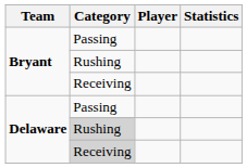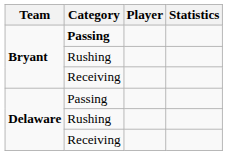 <table class="wikitable" style="float: right;">
 <tr>
 <th>Team</th>
 <th>Category</th>
 <th>Player</th>
 <th>Statistics</th>
 </tr>
 <tr>
 <td rowspan=3><strong>Bryant</strong></td>
-<td>Passing</td>
+<td><strong>Passing</strong></td>
 <td></td>
 <td></td>
 </tr>
 <tr>
 <td>Rushing</td>
 <td></td>
 <td></td>
 </tr>
 <tr>
 <td>Receiving</td>
 <td></td>
 <td></td>
 </tr>
 <tr>
 <td rowspan=3><strong>Delaware</strong></td>
 <td>Passing</td>
 <td></td>
 <td></td>
 </tr>
 <tr>
-<td style="background: lightgrey;">Rushing</td>
+<td>Rushing</td>
 <td></td>
 <td></td>
 </tr>
 <tr>
-<td style="background: lightgrey;">Receiving</td>
+<td>Receiving</td>
 <td></td>
 <td></td>
 </tr>
 </table>
